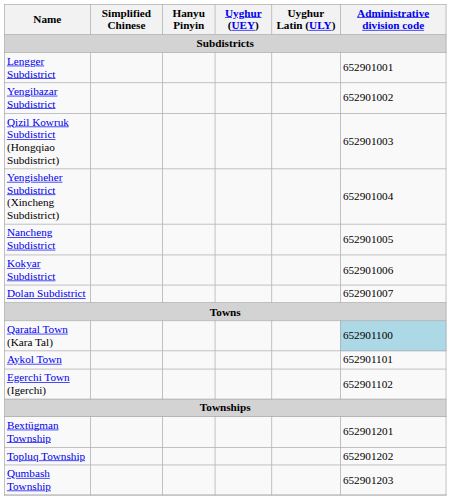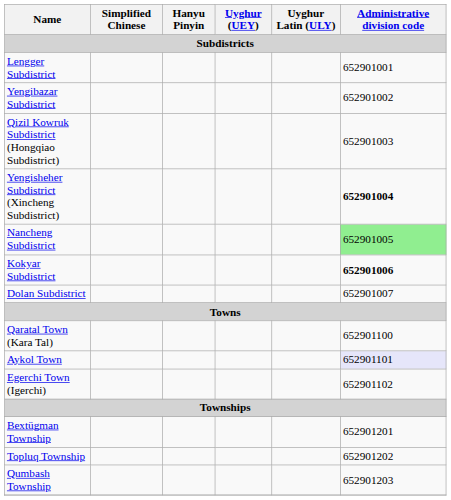 <table class="wikitable" align="center" style="width:50%; border="1">
 <tr>
 <th>Name</th>
 <th>Simplified Chinese</th>
 <th>Hanyu Pinyin</th>
 <th><a href='#'>Uyghur</a> (<a href='#'>UEY</a>)</th>
 <th>Uyghur Latin (<a href='#'>ULY</a>)</th>
 <th><a href='#'>Administrative division code</a></th>
 </tr>
 <tr>
 <td colspan="7"  style="text-align:center; background:#d3d3d3;"><strong>Subdistricts</strong></td>
 </tr>
 <tr --------->
 <td><a href='#'>Lengger Subdistrict</a></td>
 <td></td>
 <td></td>
 <td></td>
 <td></td>
 <td>652901001</td>
 </tr>
 <tr>
 <td><a href='#'>Yengibazar Subdistrict</a></td>
 <td></td>
 <td></td>
 <td></td>
 <td></td>
 <td>652901002</td>
 </tr>
 <tr>
 <td><a href='#'>Qizil Kowruk Subdistrict</a><br>(Hongqiao Subdistrict)</td>
 <td></td>
 <td></td>
 <td></td>
 <td></td>
 <td>652901003</td>
 </tr>
 <tr>
 <td><a href='#'>Yengisheher Subdistrict</a><br>(Xincheng Subdistrict)</td>
 <td></td>
 <td></td>
 <td></td>
 <td></td>
-<td>652901004</td>
+<td><strong>652901004</strong></td>
 </tr>
 <tr>
 <td><a href='#'>Nancheng Subdistrict</a></td>
 <td></td>
 <td></td>
 <td></td>
 <td></td>
-<td>652901005</td>
+<td style="background: lightgreen;">652901005</td>
 </tr>
 <tr>
 <td><a href='#'>Kokyar Subdistrict</a></td>
 <td></td>
 <td></td>
 <td></td>
 <td></td>
-<td>652901006</td>
+<td><strong>652901006</strong></td>
 </tr>
 <tr>
 <td><a href='#'>Dolan Subdistrict</a></td>
 <td></td>
 <td></td>
 <td></td>
 <td></td>
 <td>652901007</td>
 </tr>
 <tr --------->
 <td colspan="7"  style="text-align:center; background:#d3d3d3;"><strong>Towns</strong></td>
 </tr>
 <tr --------->
 <td><a href='#'>Qaratal Town</a><br>(Kara Tal)</td>
 <td></td>
 <td></td>
 <td></td>
 <td></td>
-<td style="background: lightblue;">652901100</td>
+<td>652901100</td>
 </tr>
 <tr>
 <td><a href='#'>Aykol Town</a></td>
 <td></td>
 <td></td>
 <td></td>
 <td></td>
-<td>652901101</td>
+<td style="background: lavender;">652901101</td>
 </tr>
 <tr>
 <td><a href='#'>Egerchi Town</a><br>(Igerchi)</td>
 <td></td>
 <td></td>
 <td></td>
 <td></td>
 <td>652901102</td>
 </tr>
 <tr --------->
 <td colspan="7"  style="text-align:center; background:#d3d3d3;"><strong>Townships</strong></td>
 </tr>
 <tr --------->
 <td><a href='#'>Bextügman Township</a></td>
 <td></td>
 <td></td>
 <td></td>
 <td></td>
 <td>652901201</td>
 </tr>
 <tr>
 <td><a href='#'>Topluq Township</a></td>
 <td></td>
 <td></td>
 <td></td>
 <td></td>
 <td>652901202</td>
 </tr>
 <tr>
 <td><a href='#'>Qumbash Township</a></td>
 <td></td>
 <td></td>
 <td></td>
 <td></td>
 <td>652901203</td>
 </tr>
 <tr>
 </tr>
 </table>
